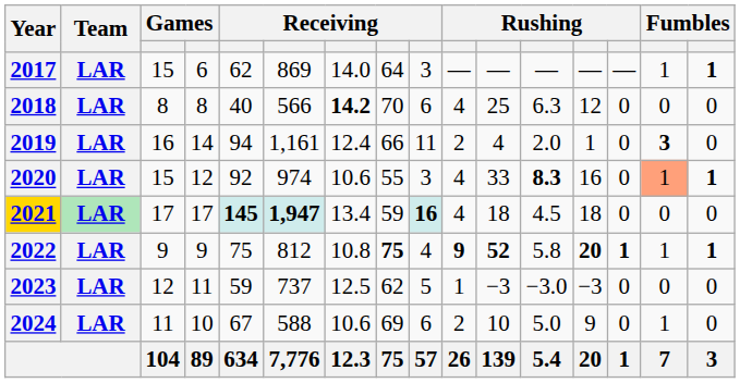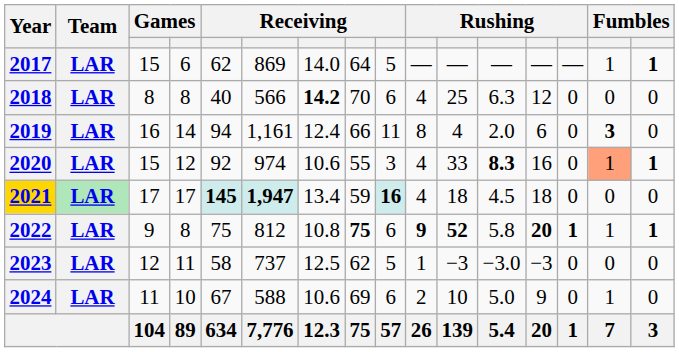 <table class="wikitable" style="text-align:center;">
 <tr>
 <th rowspan="2">Year</th>
 <th rowspan="2">Team</th>
 <th colspan="2">Games</th>
 <th colspan="5">Receiving</th>
 <th colspan="5">Rushing</th>
 <th colspan="2">Fumbles</th>
 </tr>
 <tr>
 <th></th>
 <th></th>
 <th></th>
 <th></th>
 <th></th>
 <th></th>
 <th></th>
 <th></th>
 <th></th>
 <th></th>
 <th></th>
 <th></th>
 <th></th>
 <th></th>
 </tr>
 <tr>
 <th><a href='#'>2017</a></th>
 <th><a href='#'>LAR</a></th>
 <td>15</td>
 <td>6</td>
 <td>62</td>
 <td>869</td>
 <td>14.0</td>
 <td>64</td>
-<td>3</td>
+<td>5</td>
 <td>—</td>
 <td>—</td>
 <td>—</td>
 <td>—</td>
 <td>—</td>
 <td>1</td>
 <td><strong>1</strong></td>
 </tr>
 <tr>
 <th><a href='#'>2018</a></th>
 <th><a href='#'>LAR</a></th>
 <td>8</td>
 <td>8</td>
 <td>40</td>
 <td>566</td>
 <td><strong>14.2</strong></td>
 <td>70</td>
 <td>6</td>
 <td>4</td>
 <td>25</td>
 <td>6.3</td>
 <td>12</td>
 <td>0</td>
 <td>0</td>
 <td>0</td>
 </tr>
 <tr>
 <th><a href='#'>2019</a></th>
 <th><a href='#'>LAR</a></th>
 <td>16</td>
 <td>14</td>
 <td>94</td>
 <td>1,161</td>
 <td>12.4</td>
 <td>66</td>
 <td>11</td>
-<td>2</td>
+<td>8</td>
 <td>4</td>
 <td>2.0</td>
-<td>1</td>
+<td>6</td>
 <td>0</td>
 <td><strong>3</strong></td>
 <td>0</td>
 </tr>
 <tr>
 <th><a href='#'>2020</a></th>
 <th><a href='#'>LAR</a></th>
 <td>15</td>
 <td>12</td>
 <td>92</td>
 <td>974</td>
 <td>10.6</td>
 <td>55</td>
 <td>3</td>
 <td>4</td>
 <td>33</td>
 <td><strong>8.3</strong></td>
 <td>16</td>
 <td>0</td>
 <td style="background: lightsalmon;">1</td>
 <td><strong>1</strong></td>
 </tr>
 <tr>
 <th style="background:#ffd700;"><a href='#'>2021</a></th>
 <th style="background:#afe6ba; width:3em;"><a href='#'>LAR</a></th>
 <td>17</td>
 <td>17</td>
 <td style="background:#cfecec;"><strong>145</strong></td>
 <td style="background:#cfecec;"><strong>1,947</strong></td>
 <td>13.4</td>
 <td>59</td>
 <td style="background:#cfecec;"><strong>16</strong></td>
 <td>4</td>
 <td>18</td>
 <td>4.5</td>
 <td>18</td>
 <td>0</td>
 <td>0</td>
 <td>0</td>
 </tr>
 <tr>
 <th><a href='#'>2022</a></th>
 <th><a href='#'>LAR</a></th>
 <td>9</td>
-<td>9</td>
+<td>8</td>
 <td>75</td>
 <td>812</td>
 <td>10.8</td>
 <td><strong>75</strong></td>
-<td>4</td>
+<td>6</td>
 <td><strong>9</strong></td>
 <td><strong>52</strong></td>
 <td>5.8</td>
 <td><strong>20</strong></td>
 <td><strong>1</strong></td>
 <td>1</td>
 <td><strong>1</strong></td>
 </tr>
 <tr>
 <th><a href='#'>2023</a></th>
 <th><a href='#'>LAR</a></th>
 <td>12</td>
 <td>11</td>
-<td>59</td>
+<td>58</td>
 <td>737</td>
 <td>12.5</td>
 <td>62</td>
 <td>5</td>
 <td>1</td>
 <td>−3</td>
 <td>−3.0</td>
 <td>−3</td>
 <td>0</td>
 <td>0</td>
 <td>0</td>
 </tr>
 <tr>
 <th><a href='#'>2024</a></th>
 <th><a href='#'>LAR</a></th>
 <td>11</td>
 <td>10</td>
 <td>67</td>
 <td>588</td>
 <td>10.6</td>
 <td>69</td>
 <td>6</td>
 <td>2</td>
 <td>10</td>
 <td>5.0</td>
 <td>9</td>
 <td>0</td>
 <td>1</td>
 <td>0</td>
 </tr>
 <tr>
 <th colspan="2"></th>
 <th>104</th>
 <th>89</th>
 <th>634</th>
 <th>7,776</th>
 <th>12.3</th>
 <th>75</th>
 <th>57</th>
 <th>26</th>
 <th>139</th>
 <th>5.4</th>
 <th>20</th>
 <th>1</th>
 <th>7</th>
 <th>3</th>
 </tr>
 </table>
